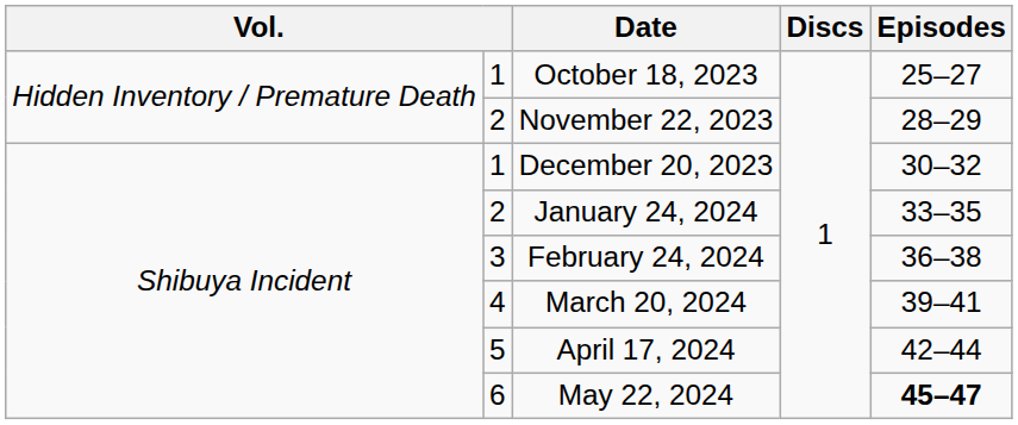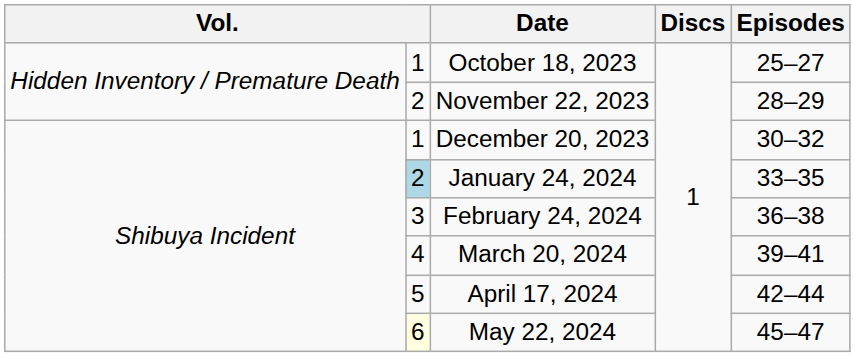 <table class="wikitable" style="text-align:center;">
 <tr>
 <th colspan="2">Vol.</th>
 <th>Date</th>
 <th>Discs</th>
 <th>Episodes</th>
 </tr>
 <tr>
 <td rowspan="2"><em>Hidden Inventory / Premature Death</em></td>
 <td>1</td>
 <td>October 18, 2023</td>
 <td rowspan="8">1</td>
 <td>25–27</td>
 </tr>
 <tr>
 <td>2</td>
 <td>November 22, 2023</td>
 <td>28–29</td>
 </tr>
 <tr>
 <td rowspan="6"><em>Shibuya Incident</em></td>
 <td>1</td>
 <td>December 20, 2023</td>
 <td>30–32</td>
 </tr>
 <tr>
-<td>2</td>
+<td style="background: lightblue;">2</td>
 <td>January 24, 2024</td>
 <td>33–35</td>
 </tr>
 <tr>
 <td>3</td>
 <td>February 24, 2024</td>
 <td>36–38</td>
 </tr>
 <tr>
 <td>4</td>
 <td>March 20, 2024</td>
 <td>39–41</td>
 </tr>
 <tr>
 <td>5</td>
 <td>April 17, 2024</td>
 <td>42–44</td>
 </tr>
 <tr>
-<td>6</td>
+<td style="background: lightyellow;">6</td>
 <td>May 22, 2024</td>
-<td><strong>45–47</strong></td>
+<td>45–47</td>
 </tr>
 </table>
